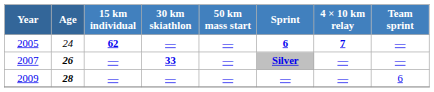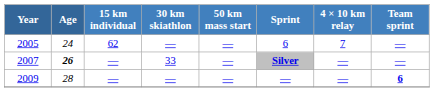 <table class="wikitable" style="font-size:95%; text-align:center; border:grey solid 1px; border-collapse:collapse; background:#ffffff;">
 <tr>
 <th style="background-color:#369; color:white; width:60px;"> Year </th>
 <th style="background-color:#369; color:white; width:40px;"> Age </th>
 <th style="background-color:#4180be; color:white; width:75px;"> 15 km <br> individual </th>
 <th style="background-color:#4180be; color:white; width:75px;"> 30 km <br> skiathlon </th>
 <th style="background-color:#4180be; color:white; width:75px;"> 50 km <br> mass start </th>
 <th style="background-color:#4180be; color:white; width:75px;"> Sprint </th>
 <th style="background-color:#4180be; color:white; width:75px;"> 4 × 10 km <br> relay </th>
 <th style="background-color:#4180be; color:white; width:75px;"> Team <br> sprint </th>
 </tr>
 <tr>
 <td><a href='#'>2005</a></td>
 <td><em>24</em></td>
-<td><strong><a href='#'>62</a></strong></td>
+<td><a href='#'>62</a></td>
 <td><a href='#'>—</a></td>
 <td><a href='#'>—</a></td>
-<td><strong><a href='#'>6</a></strong></td>
-<td><strong><a href='#'>7</a></strong></td>
+<td><a href='#'>6</a></td>
+<td><a href='#'>7</a></td>
 <td><a href='#'>—</a></td>
 </tr>
 <tr>
 <td><a href='#'>2007</a></td>
 <td><strong><em>26</em></strong></td>
 <td><a href='#'>—</a></td>
-<td><strong><a href='#'>33</a></strong></td>
+<td><a href='#'>33</a></td>
 <td><a href='#'>—</a></td>
 <td style="background:silver;"><a href='#'><strong>Silver</strong></a></td>
 <td><a href='#'>—</a></td>
 <td><a href='#'>—</a></td>
 </tr>
 <tr>
 <td><a href='#'>2009</a></td>
-<td><strong><em>28</em></strong></td>
+<td><em>28</em></td>
 <td><a href='#'>—</a></td>
 <td><a href='#'>—</a></td>
 <td><a href='#'>—</a></td>
 <td><a href='#'>—</a></td>
 <td><a href='#'>—</a></td>
-<td><a href='#'>6</a></td>
+<td><strong><a href='#'>6</a></strong></td>
 </tr>
 <tr>
 </tr>
 </table>
